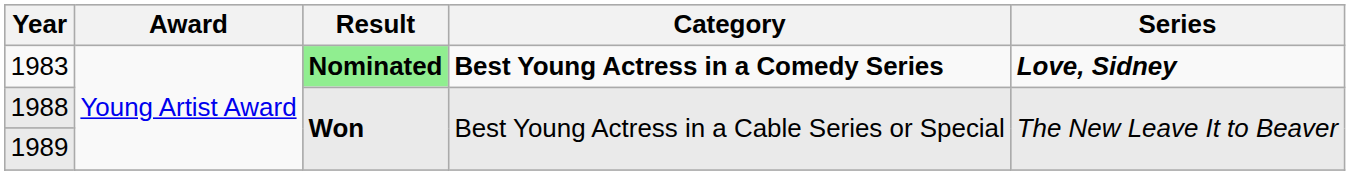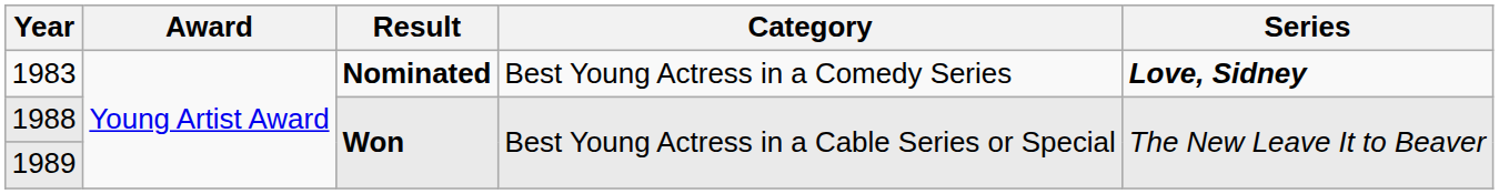 <table class="wikitable">
 <tr>
 <th>Year</th>
 <th>Award</th>
 <th>Result</th>
 <th>Category</th>
 <th>Series</th>
 </tr>
 <tr>
 <td>1983</td>
 <td rowspan=3><a href='#'>Young Artist Award</a></td>
-<td style="background: lightgreen;"><strong>Nominated</strong></td>
-<td><strong>Best Young Actress in a Comedy Series</strong></td>
+<td><strong>Nominated</strong></td>
+<td>Best Young Actress in a Comedy Series</td>
 <td><strong><em>Love, Sidney</em></strong></td>
 </tr>
 <tr style="background-color: #EAEAEA;">
 <td>1988</td>
 <td rowspan=2><strong>Won</strong></td>
 <td rowspan=2>Best Young Actress in a Cable Series or Special</td>
 <td rowspan=2><em>The New Leave It to Beaver</em></td>
 </tr>
 <tr style="background-color: #EAEAEA;">
 <td>1989</td>
 </tr>
 </table>
